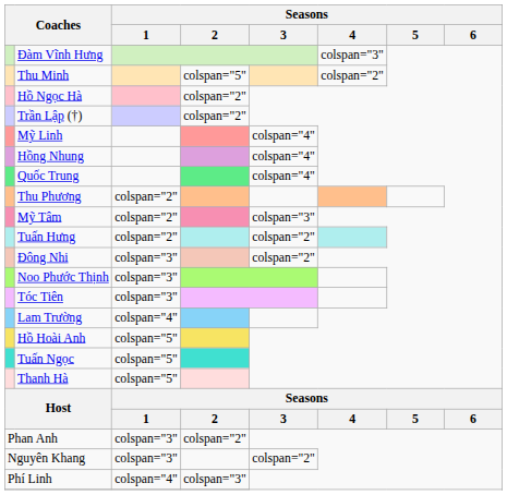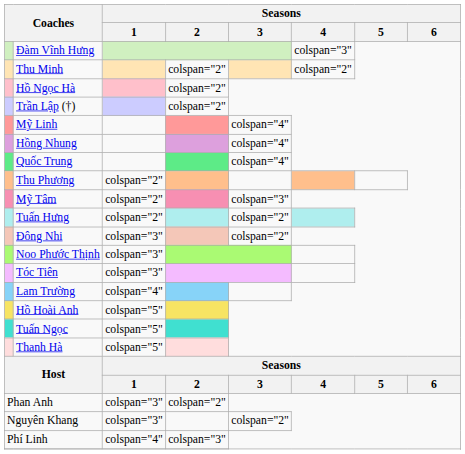 <table class="wikitable" width:"50%">
 <tr>
 <th rowspan="2" colspan="2">Coaches</th>
 <th colspan="6" style="text-align:center;">Seasons</th>
 </tr>
 <tr>
 <th ! width="65">1</th>
 <th width="65">2</th>
 <th width="65">3</th>
 <th width="65">4</th>
 <th width="65">5</th>
 <th width="65">6</th>
 </tr>
 <tr>
 <td style="background:#d0f0c0;"></td>
 <td><a href='#'>Đàm Vĩnh Hưng</a></td>
 <td colspan="3" style="background:#d0f0c0;"></td>
 <td>colspan="3" </td>
 </tr>
 <tr>
 <td width="5" style="background:#ffe5b4;"></td>
 <td><a href='#'>Thu Minh</a></td>
 <td style="background:#ffe5b4;"></td>
-<td>colspan="5" </td>
+<td>colspan="2" </td>
 <td style="background:#ffe5b4;"></td>
 <td>colspan="2" </td>
 </tr>
 <tr>
 <td style="background:pink;"></td>
 <td><a href='#'>Hồ Ngọc Hà</a></td>
 <td style="background:pink;"></td>
 <td>colspan="2" </td>
 </tr>
 <tr>
 <td style="background:#ccf;"></td>
 <td><a href='#'>Trần Lập</a> (†)</td>
 <td style="background:#ccf;"></td>
 <td>colspan="2" </td>
 </tr>
 <tr>
 <td style="background:#ff9999;"></td>
 <td><a href='#'>Mỹ Linh</a></td>
 <td></td>
 <td style="background:#ff9999;"></td>
 <td>colspan="4" </td>
 </tr>
 <tr>
 <td style="background:#dda0dd;"></td>
 <td><a href='#'>Hồng Nhung</a></td>
 <td></td>
 <td style="background:#dda0dd;"></td>
 <td>colspan="4" </td>
 </tr>
 <tr>
 <td style="background:#5deb87;"></td>
 <td><a href='#'>Quốc Trung</a></td>
 <td></td>
 <td style="background:#5deb87;"></td>
 <td>colspan="4" </td>
 </tr>
 <tr>
 <td style="background:#ffbf8c;"></td>
 <td><a href='#'>Thu Phương</a></td>
 <td>colspan="2" </td>
 <td style="background:#ffbf8c;"></td>
 <td></td>
 <td style="background:#ffbf8c;"></td>
 <td></td>
 </tr>
 <tr>
 <td style="background:#F78FB2;"></td>
 <td><a href='#'>Mỹ Tâm</a></td>
 <td>colspan="2" </td>
 <td style="background:#F78FB2;"></td>
 <td>colspan="3" </td>
 </tr>
 <tr>
 <td style="background:#afeeee;"></td>
 <td><a href='#'>Tuấn Hưng</a></td>
 <td>colspan="2" </td>
 <td style="background:#afeeee;"></td>
 <td>colspan="2" </td>
 <td style="background:#afeeee;"></td>
 </tr>
 <tr>
 <td style="background:#f4c7b8;"></td>
 <td><a href='#'>Đông Nhi</a></td>
 <td>colspan="3" </td>
 <td style="background:#f4c7b8;"></td>
 <td>colspan="2" </td>
 </tr>
 <tr>
 <td style="background:#aafa73;"></td>
 <td><a href='#'>Noo Phước Thịnh</a></td>
 <td>colspan="3" </td>
 <td colspan="2" style="background:#aafa73;"></td>
 <td></td>
 </tr>
 <tr>
 <td style="background:#f4bbff;"></td>
 <td><a href='#'>Tóc Tiên</a></td>
 <td>colspan="3" </td>
 <td colspan="2" style="background:#f4bbff;"></td>
 <td></td>
 </tr>
 <tr>
 <td style="background:#87D3F8;"></td>
 <td><a href='#'>Lam Trường</a></td>
 <td>colspan="4" </td>
 <td style="background:#87D3F8;"></td>
 <td></td>
 </tr>
 <tr>
 <td style="background:#f7e463;"></td>
 <td><a href='#'>Hồ Hoài Anh</a></td>
 <td>colspan="5" </td>
 <td style="background:#f7e463;"></td>
 </tr>
 <tr>
 <td style="background:turquoise;"></td>
 <td><a href='#'>Tuấn Ngọc</a></td>
 <td>colspan="5" </td>
 <td style="background:turquoise;"></td>
 </tr>
 <tr>
 <td style="background:#ffdddd;"></td>
 <td><a href='#'>Thanh Hà</a></td>
 <td>colspan="5" </td>
 <td style="background:#ffdddd;"></td>
 </tr>
 <tr>
 <th colspan="2" rowspan="2">Host</th>
 <th colspan="7" =text-align:center;>Seasons</th>
 </tr>
 <tr>
 <th ! width="65">1</th>
 <th width="65">2</th>
 <th width="65">3</th>
 <th width="65">4</th>
 <th width="65">5</th>
 <th width="65">6</th>
 </tr>
 <tr>
 <td colspan="2">Phan Anh</td>
 <td>colspan="3" </td>
 <td>colspan="2" </td>
 </tr>
 <tr>
 <td colspan="2">Nguyên Khang</td>
 <td>colspan="3" </td>
 <td></td>
 <td>colspan="2" </td>
 </tr>
 <tr>
 <td colspan="2">Phí Linh</td>
 <td>colspan="4" </td>
 <td>colspan="3" </td>
 </tr>
 <tr>
 </tr>
 </table>
